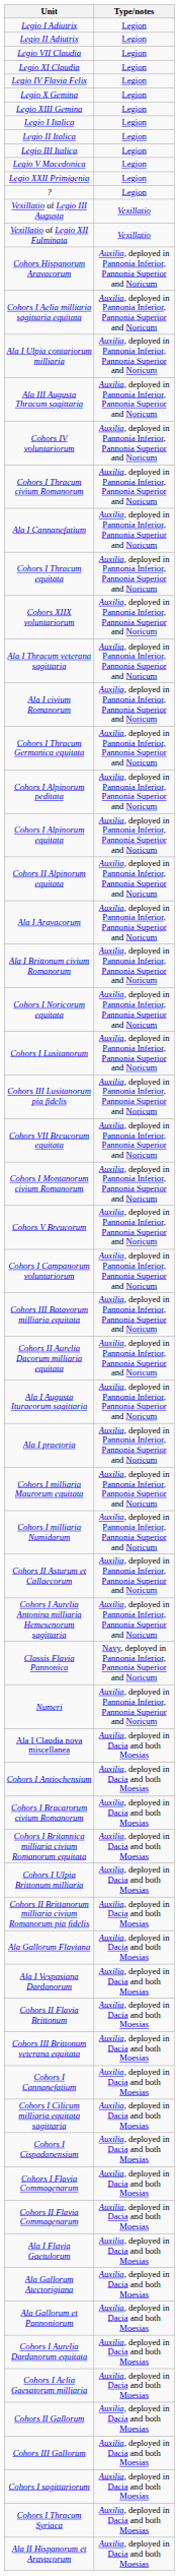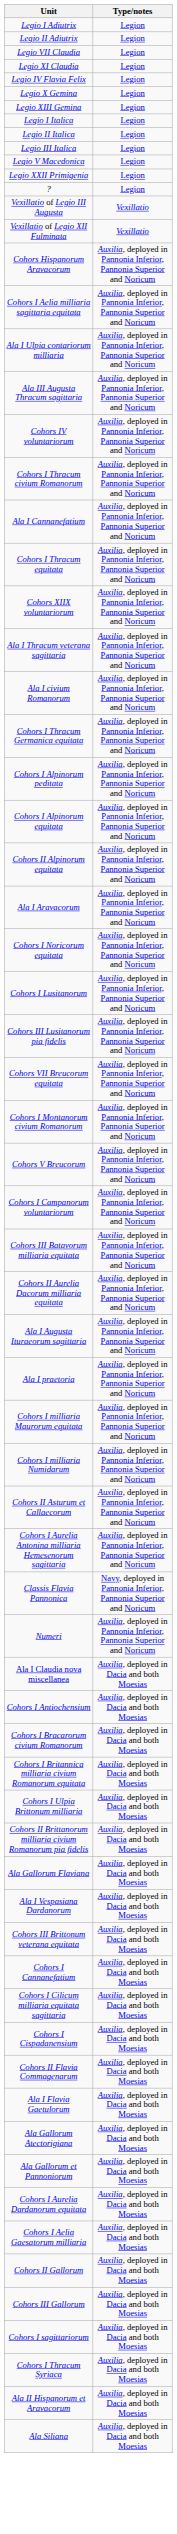 <table class="wikitable sortable" width=50% style="text-align:center;">
 <tr>
 <th>Unit</th>
 <th>Type/notes</th>
 </tr>
 <tr>
 <td><em><a href='#'>Legio I Adiutrix</a></em></td>
 <td><a href='#'>Legion</a></td>
 </tr>
 <tr>
 <td><em><a href='#'>Legio II Adiutrix</a></em></td>
 <td><a href='#'>Legion</a></td>
 </tr>
 <tr>
 <td><em><a href='#'>Legio VII Claudia</a></em></td>
 <td><a href='#'>Legion</a></td>
 </tr>
 <tr>
 <td><em><a href='#'>Legio XI Claudia</a></em></td>
 <td><a href='#'>Legion</a></td>
 </tr>
 <tr>
 <td><em><a href='#'>Legio IV Flavia Felix</a></em></td>
 <td><a href='#'>Legion</a></td>
 </tr>
 <tr>
 <td><em><a href='#'>Legio X Gemina</a></em></td>
 <td><a href='#'>Legion</a></td>
 </tr>
 <tr>
 <td><em><a href='#'>Legio XIII Gemina</a></em></td>
 <td><a href='#'>Legion</a></td>
 </tr>
 <tr>
 <td><em><a href='#'>Legio I Italica</a></em></td>
 <td><a href='#'>Legion</a></td>
 </tr>
 <tr>
 <td><em><a href='#'>Legio II Italica</a></em></td>
 <td><a href='#'>Legion</a></td>
 </tr>
 <tr>
 <td><em><a href='#'>Legio III Italica</a></em></td>
 <td><a href='#'>Legion</a></td>
 </tr>
 <tr>
 <td><em><a href='#'>Legio V Macedonica</a></em></td>
 <td><a href='#'>Legion</a></td>
 </tr>
 <tr>
 <td><em><a href='#'>Legio XXII Primigenia</a></em></td>
 <td><a href='#'>Legion</a></td>
 </tr>
 <tr>
 <td><em>?</em></td>
 <td><a href='#'>Legion</a></td>
 </tr>
 <tr>
 <td><em><a href='#'>Vexillatio</a></em> of <em><a href='#'>Legio III Augusta</a></em></td>
 <td><em><a href='#'>Vexillatio</a></em></td>
 </tr>
 <tr>
 <td><em><a href='#'>Vexillatio</a></em> of <em><a href='#'>Legio XII Fulminata</a></em></td>
 <td><em><a href='#'>Vexillatio</a></em></td>
 </tr>
 <tr>
 <td><em><a href='#'>Cohors Hispanorum Aravacorum</a></em></td>
 <td><em><a href='#'>Auxilia</a></em>, deployed in <a href='#'>Pannonia Inferior</a>, <a href='#'>Pannonia Superior</a> and <a href='#'>Noricum</a></td>
 </tr>
 <tr>
 <td><em><a href='#'>Cohors I Aelia milliaria sagittaria equitata</a></em></td>
 <td><em><a href='#'>Auxilia</a></em>, deployed in <a href='#'>Pannonia Inferior</a>, <a href='#'>Pannonia Superior</a> and <a href='#'>Noricum</a></td>
 </tr>
 <tr>
 <td><em><a href='#'>Ala I Ulpia contariorum milliaria</a></em></td>
 <td><em><a href='#'>Auxilia</a></em>, deployed in <a href='#'>Pannonia Inferior</a>, <a href='#'>Pannonia Superior</a> and <a href='#'>Noricum</a></td>
 </tr>
 <tr>
 <td><em><a href='#'>Ala III Augusta Thracum sagittaria</a></em></td>
 <td><em><a href='#'>Auxilia</a></em>, deployed in <a href='#'>Pannonia Inferior</a>, <a href='#'>Pannonia Superior</a> and <a href='#'>Noricum</a></td>
 </tr>
 <tr>
 <td><em><a href='#'>Cohors IV voluntariorum</a></em></td>
 <td><em><a href='#'>Auxilia</a></em>, deployed in <a href='#'>Pannonia Inferior</a>, <a href='#'>Pannonia Superior</a> and <a href='#'>Noricum</a></td>
 </tr>
 <tr>
 <td><em><a href='#'>Cohors I Thracum civium Romanorum</a></em></td>
 <td><em><a href='#'>Auxilia</a></em>, deployed in <a href='#'>Pannonia Inferior</a>, <a href='#'>Pannonia Superior</a> and <a href='#'>Noricum</a></td>
 </tr>
 <tr>
 <td><em><a href='#'>Ala I Cannanefatium</a></em></td>
 <td><em><a href='#'>Auxilia</a></em>, deployed in <a href='#'>Pannonia Inferior</a>, <a href='#'>Pannonia Superior</a> and <a href='#'>Noricum</a></td>
 </tr>
 <tr>
 <td><em><a href='#'>Cohors I Thracum equitata</a></em></td>
 <td><em><a href='#'>Auxilia</a></em>, deployed in <a href='#'>Pannonia Inferior</a>, <a href='#'>Pannonia Superior</a> and <a href='#'>Noricum</a></td>
 </tr>
 <tr>
 <td><em><a href='#'>Cohors XIIX voluntariorum</a></em></td>
 <td><em><a href='#'>Auxilia</a></em>, deployed in <a href='#'>Pannonia Inferior</a>, <a href='#'>Pannonia Superior</a> and <a href='#'>Noricum</a></td>
 </tr>
 <tr>
 <td><em><a href='#'>Ala I Thracum veterana sagittaria</a></em></td>
 <td><em><a href='#'>Auxilia</a></em>, deployed in <a href='#'>Pannonia Inferior</a>, <a href='#'>Pannonia Superior</a> and <a href='#'>Noricum</a></td>
 </tr>
 <tr>
 <td><em><a href='#'>Ala I civium Romanorum</a></em></td>
 <td><em><a href='#'>Auxilia</a></em>, deployed in <a href='#'>Pannonia Inferior</a>, <a href='#'>Pannonia Superior</a> and <a href='#'>Noricum</a></td>
 </tr>
 <tr>
 <td><em><a href='#'>Cohors I Thracum Germanica equitata</a></em></td>
 <td><em><a href='#'>Auxilia</a></em>, deployed in <a href='#'>Pannonia Inferior</a>, <a href='#'>Pannonia Superior</a> and <a href='#'>Noricum</a></td>
 </tr>
 <tr>
 <td><em><a href='#'>Cohors I Alpinorum peditata</a></em></td>
 <td><em><a href='#'>Auxilia</a></em>, deployed in <a href='#'>Pannonia Inferior</a>, <a href='#'>Pannonia Superior</a> and <a href='#'>Noricum</a></td>
 </tr>
 <tr>
 <td><em><a href='#'>Cohors I Alpinorum equitata</a></em></td>
 <td><em><a href='#'>Auxilia</a></em>, deployed in <a href='#'>Pannonia Inferior</a>, <a href='#'>Pannonia Superior</a> and <a href='#'>Noricum</a></td>
 </tr>
 <tr>
 <td><em><a href='#'>Cohors II Alpinorum equitata</a></em></td>
 <td><em><a href='#'>Auxilia</a></em>, deployed in <a href='#'>Pannonia Inferior</a>, <a href='#'>Pannonia Superior</a> and <a href='#'>Noricum</a></td>
 </tr>
 <tr>
 <td><em><a href='#'>Ala I Aravacorum</a></em></td>
 <td><em><a href='#'>Auxilia</a></em>, deployed in <a href='#'>Pannonia Inferior</a>, <a href='#'>Pannonia Superior</a> and <a href='#'>Noricum</a></td>
 </tr>
 <tr>
-<td><em><a href='#'>Ala I Brittonum civium Romanorum</a></em></td>
-<td><em><a href='#'>Auxilia</a></em>, deployed in <a href='#'>Pannonia Inferior</a>, <a href='#'>Pannonia Superior</a> and <a href='#'>Noricum</a></td>
-</tr>
-<tr>
 <td><em><a href='#'>Cohors I Noricorum equitata</a></em></td>
 <td><em><a href='#'>Auxilia</a></em>, deployed in <a href='#'>Pannonia Inferior</a>, <a href='#'>Pannonia Superior</a> and <a href='#'>Noricum</a></td>
 </tr>
 <tr>
 <td><em><a href='#'>Cohors I Lusitanorum</a></em></td>
 <td><em><a href='#'>Auxilia</a></em>, deployed in <a href='#'>Pannonia Inferior</a>, <a href='#'>Pannonia Superior</a> and <a href='#'>Noricum</a></td>
 </tr>
 <tr>
 <td><em><a href='#'>Cohors III Lusitanorum pia fidelis</a></em></td>
 <td><em><a href='#'>Auxilia</a></em>, deployed in <a href='#'>Pannonia Inferior</a>, <a href='#'>Pannonia Superior</a> and <a href='#'>Noricum</a></td>
 </tr>
 <tr>
 <td><em><a href='#'>Cohors VII Breucorum equitata</a></em></td>
 <td><em><a href='#'>Auxilia</a></em>, deployed in <a href='#'>Pannonia Inferior</a>, <a href='#'>Pannonia Superior</a> and <a href='#'>Noricum</a></td>
 </tr>
 <tr>
 <td><em><a href='#'>Cohors I Montanorum civium Romanorum</a></em></td>
 <td><em><a href='#'>Auxilia</a></em>, deployed in <a href='#'>Pannonia Inferior</a>, <a href='#'>Pannonia Superior</a> and <a href='#'>Noricum</a></td>
 </tr>
 <tr>
 <td><em><a href='#'>Cohors V Breucorum</a></em></td>
 <td><em><a href='#'>Auxilia</a></em>, deployed in <a href='#'>Pannonia Inferior</a>, <a href='#'>Pannonia Superior</a> and <a href='#'>Noricum</a></td>
 </tr>
 <tr>
 <td><em><a href='#'>Cohors I Campanorum voluntariorum</a></em></td>
 <td><em><a href='#'>Auxilia</a></em>, deployed in <a href='#'>Pannonia Inferior</a>, <a href='#'>Pannonia Superior</a> and <a href='#'>Noricum</a></td>
 </tr>
 <tr>
 <td><em><a href='#'>Cohors III Batavorum milliaria equitata</a></em></td>
 <td><em><a href='#'>Auxilia</a></em>, deployed in <a href='#'>Pannonia Inferior</a>, <a href='#'>Pannonia Superior</a> and <a href='#'>Noricum</a></td>
 </tr>
 <tr>
 <td><em><a href='#'>Cohors II Aurelia Dacorum milliaria equitata</a></em></td>
 <td><em><a href='#'>Auxilia</a></em>, deployed in <a href='#'>Pannonia Inferior</a>, <a href='#'>Pannonia Superior</a> and <a href='#'>Noricum</a></td>
 </tr>
 <tr>
 <td><em><a href='#'>Ala I Augusta Ituraeorum sagittaria</a></em></td>
 <td><em><a href='#'>Auxilia</a></em>, deployed in <a href='#'>Pannonia Inferior</a>, <a href='#'>Pannonia Superior</a> and <a href='#'>Noricum</a></td>
 </tr>
 <tr>
 <td><em><a href='#'>Ala I praetoria</a></em></td>
 <td><em><a href='#'>Auxilia</a></em>, deployed in <a href='#'>Pannonia Inferior</a>, <a href='#'>Pannonia Superior</a> and <a href='#'>Noricum</a></td>
 </tr>
 <tr>
 <td><em><a href='#'>Cohors I milliaria Maurorum equitata</a></em></td>
 <td><em><a href='#'>Auxilia</a></em>, deployed in <a href='#'>Pannonia Inferior</a>, <a href='#'>Pannonia Superior</a> and <a href='#'>Noricum</a></td>
 </tr>
 <tr>
 <td><em><a href='#'>Cohors I milliaria Numidarum</a></em></td>
 <td><em><a href='#'>Auxilia</a></em>, deployed in <a href='#'>Pannonia Inferior</a>, <a href='#'>Pannonia Superior</a> and <a href='#'>Noricum</a></td>
 </tr>
 <tr>
 <td><em><a href='#'>Cohors II Asturum et Callaecorum</a></em></td>
 <td><em><a href='#'>Auxilia</a></em>, deployed in <a href='#'>Pannonia Inferior</a>, <a href='#'>Pannonia Superior</a> and <a href='#'>Noricum</a></td>
 </tr>
 <tr>
 <td><em><a href='#'>Cohors I Aurelia Antonina milliaria Hemesenorum sagittaria</a></em></td>
 <td><em><a href='#'>Auxilia</a></em>, deployed in <a href='#'>Pannonia Inferior</a>, <a href='#'>Pannonia Superior</a> and <a href='#'>Noricum</a></td>
 </tr>
 <tr>
 <td><em><a href='#'>Classis Flavia Pannonica</a></em></td>
 <td><a href='#'>Navy</a>, deployed in <a href='#'>Pannonia Inferior</a>, <a href='#'>Pannonia Superior</a> and <a href='#'>Noricum</a></td>
 </tr>
 <tr>
 <td><em><a href='#'>Numeri</a></em></td>
 <td><em><a href='#'>Auxilia</a></em>, deployed in <a href='#'>Pannonia Inferior</a>, <a href='#'>Pannonia Superior</a> and <a href='#'>Noricum</a></td>
 </tr>
 <tr>
 <td><a href='#'>Ala I Claudia nova miscellanea</a></td>
 <td><em><a href='#'>Auxilia</a></em>, deployed in <a href='#'>Dacia</a> and both <a href='#'>Moesias</a></td>
 </tr>
 <tr>
 <td><em><a href='#'>Cohors I Antiochensium</a></em></td>
 <td><em><a href='#'>Auxilia</a></em>, deployed in <a href='#'>Dacia</a> and both <a href='#'>Moesias</a></td>
 </tr>
 <tr>
 <td><em><a href='#'>Cohors I Bracarorum civium Romanorum</a></em></td>
 <td><em><a href='#'>Auxilia</a></em>, deployed in <a href='#'>Dacia</a> and both <a href='#'>Moesias</a></td>
 </tr>
 <tr>
 <td><em><a href='#'>Cohors I Britannica milliaria civium Romanorum equitata</a></em></td>
 <td><em><a href='#'>Auxilia</a></em>, deployed in <a href='#'>Dacia</a> and both <a href='#'>Moesias</a></td>
 </tr>
 <tr>
 <td><em><a href='#'>Cohors I Ulpia Brittonum milliaria</a></em></td>
 <td><em><a href='#'>Auxilia</a></em>, deployed in <a href='#'>Dacia</a> and both <a href='#'>Moesias</a></td>
 </tr>
 <tr>
 <td><em><a href='#'>Cohors II Brittanorum milliaria civium Romanorum pia fidelis</a></em></td>
 <td><em><a href='#'>Auxilia</a></em>, deployed in <a href='#'>Dacia</a> and both <a href='#'>Moesias</a></td>
 </tr>
 <tr>
 <td><em><a href='#'>Ala Gallorum Flaviana</a></em></td>
 <td><em><a href='#'>Auxilia</a></em>, deployed in <a href='#'>Dacia</a> and both <a href='#'>Moesias</a></td>
 </tr>
 <tr>
 <td><em><a href='#'>Ala I Vespasiana Dardanorum</a></em></td>
 <td><em><a href='#'>Auxilia</a></em>, deployed in <a href='#'>Dacia</a> and both <a href='#'>Moesias</a></td>
 </tr>
 <tr>
-<td><em><a href='#'>Cohors II Flavia Brittonum</a></em></td>
-<td><em><a href='#'>Auxilia</a></em>, deployed in <a href='#'>Dacia</a> and both <a href='#'>Moesias</a></td>
-</tr>
-<tr>
 <td><em><a href='#'>Cohors III Brittonum veterana equitata</a></em></td>
 <td><em><a href='#'>Auxilia</a></em>, deployed in <a href='#'>Dacia</a> and both <a href='#'>Moesias</a></td>
 </tr>
 <tr>
 <td><em><a href='#'>Cohors I Cannanefatium</a></em></td>
 <td><em><a href='#'>Auxilia</a></em>, deployed in <a href='#'>Dacia</a> and both <a href='#'>Moesias</a></td>
 </tr>
 <tr>
 <td><em><a href='#'>Cohors I Cilicum milliaria equitata sagittaria</a></em></td>
 <td><em><a href='#'>Auxilia</a></em>, deployed in <a href='#'>Dacia</a> and both <a href='#'>Moesias</a></td>
 </tr>
 <tr>
 <td><em><a href='#'>Cohors I Cispadanensium</a></em></td>
-<td><em><a href='#'>Auxilia</a></em>, deployed in <a href='#'>Dacia</a> and both <a href='#'>Moesias</a></td>
-</tr>
-<tr>
-<td><em><a href='#'>Cohors I Flavia Commagenarum</a></em></td>
 <td><em><a href='#'>Auxilia</a></em>, deployed in <a href='#'>Dacia</a> and both <a href='#'>Moesias</a></td>
 </tr>
 <tr>
 <td><em><a href='#'>Cohors II Flavia Commagenarum</a></em></td>
 <td><em><a href='#'>Auxilia</a></em>, deployed in <a href='#'>Dacia</a> and both <a href='#'>Moesias</a></td>
 </tr>
 <tr>
 <td><em><a href='#'>Ala I Flavia Gaetulorum</a></em></td>
 <td><em><a href='#'>Auxilia</a></em>, deployed in <a href='#'>Dacia</a> and both <a href='#'>Moesias</a></td>
 </tr>
 <tr>
 <td><em><a href='#'>Ala Gallorum Atectorigiana</a></em></td>
 <td><em><a href='#'>Auxilia</a></em>, deployed in <a href='#'>Dacia</a> and both <a href='#'>Moesias</a></td>
 </tr>
 <tr>
 <td><em><a href='#'>Ala Gallorum et Pannoniorum</a></em></td>
 <td><em><a href='#'>Auxilia</a></em>, deployed in <a href='#'>Dacia</a> and both <a href='#'>Moesias</a></td>
 </tr>
 <tr>
 <td><em><a href='#'>Cohors I Aurelia Dardanorum equitata</a></em></td>
 <td><em><a href='#'>Auxilia</a></em>, deployed in <a href='#'>Dacia</a> and both <a href='#'>Moesias</a></td>
 </tr>
 <tr>
 <td><em><a href='#'>Cohors I Aelia Gaesatorum milliaria</a></em></td>
 <td><em><a href='#'>Auxilia</a></em>, deployed in <a href='#'>Dacia</a> and both <a href='#'>Moesias</a></td>
 </tr>
 <tr>
 <td><em><a href='#'>Cohors II Gallorum</a></em></td>
 <td><em><a href='#'>Auxilia</a></em>, deployed in <a href='#'>Dacia</a> and both <a href='#'>Moesias</a></td>
 </tr>
 <tr>
 <td><em><a href='#'>Cohors III Gallorum</a></em></td>
 <td><em><a href='#'>Auxilia</a></em>, deployed in <a href='#'>Dacia</a> and both <a href='#'>Moesias</a></td>
 </tr>
 <tr>
 <td><em><a href='#'>Cohors I sagittariorum</a></em></td>
 <td><em><a href='#'>Auxilia</a></em>, deployed in <a href='#'>Dacia</a> and both <a href='#'>Moesias</a></td>
 </tr>
 <tr>
 <td><em><a href='#'>Cohors I Thracum Syriaca</a></em></td>
 <td><em><a href='#'>Auxilia</a></em>, deployed in <a href='#'>Dacia</a> and both <a href='#'>Moesias</a></td>
 </tr>
 <tr>
 <td><em><a href='#'>Ala II Hispanorum et Aravacorum</a></em></td>
 <td><em><a href='#'>Auxilia</a></em>, deployed in <a href='#'>Dacia</a> and both <a href='#'>Moesias</a></td>
 </tr>
+<tr>
+<td><em><a href='#'>Ala Siliana</a></em></td>
+<td><em><a href='#'>Auxilia</a></em>, deployed in <a href='#'>Dacia</a> and both <a href='#'>Moesias</a></td>
+</tr>
 </table>
